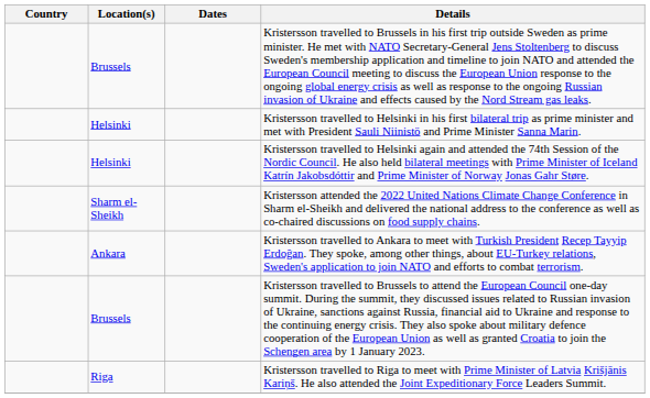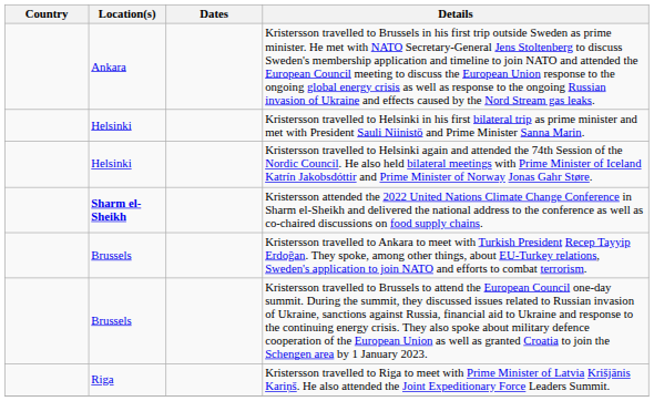 <table class="wikitable sortable" border="1">
 <tr>
 <th style="width: 13%;">Country</th>
 <th style="width: 12%;">Location(s)</th>
 <th style="width: 15%;">Dates</th>
 <th style="width: 60%;" class="unsortable">Details</th>
 </tr>
 <tr>
 <td></td>
-<td><a href='#'>Brussels</a></td>
+<td><a href='#'>Ankara</a></td>
 <td></td>
 <td>Kristersson travelled to Brussels in his first trip outside Sweden as prime minister. He met with <a href='#'>NATO</a> Secretary-General <a href='#'>Jens Stoltenberg</a> to discuss Sweden's membership application and timeline to join NATO and attended the <a href='#'>European Council</a> meeting to discuss the <a href='#'>European Union</a> response to the ongoing <a href='#'>global energy crisis</a> as well as response to the ongoing <a href='#'>Russian invasion of Ukraine</a> and effects caused by the <a href='#'>Nord Stream gas leaks</a>.</td>
 </tr>
 <tr>
 <td></td>
 <td><a href='#'>Helsinki</a></td>
 <td></td>
 <td>Kristersson travelled to Helsinki in his first <a href='#'>bilateral trip</a> as prime minister and met with President <a href='#'>Sauli Niinistö</a> and Prime Minister <a href='#'>Sanna Marin</a>.</td>
 </tr>
 <tr>
 <td></td>
 <td><a href='#'>Helsinki</a></td>
 <td></td>
 <td>Kristersson travelled to Helsinki again and attended the 74th Session of the <a href='#'>Nordic Council</a>. He also held <a href='#'>bilateral meetings</a> with <a href='#'>Prime Minister of Iceland</a> <a href='#'>Katrín Jakobsdóttir</a> and <a href='#'>Prime Minister of Norway</a> <a href='#'>Jonas Gahr Støre</a>.</td>
 </tr>
 <tr>
 <td></td>
-<td><a href='#'>Sharm el-Sheikh</a></td>
+<td><strong><a href='#'>Sharm el-Sheikh</a></strong></td>
 <td></td>
 <td>Kristersson attended the <a href='#'>2022 United Nations Climate Change Conference</a> in Sharm el-Sheikh and delivered the national address to the conference as well as co-chaired discussions on <a href='#'>food supply chains</a>.</td>
 </tr>
 <tr>
 <td></td>
-<td><a href='#'>Ankara</a></td>
+<td><a href='#'>Brussels</a></td>
 <td></td>
 <td>Kristersson travelled to Ankara to meet with <a href='#'>Turkish President</a> <a href='#'>Recep Tayyip Erdoğan</a>. They spoke, among other things, about <a href='#'>EU-Turkey relations</a>, <a href='#'>Sweden's application to join NATO</a> and efforts to combat <a href='#'>terrorism</a>.</td>
 </tr>
 <tr>
 <td></td>
 <td><a href='#'>Brussels</a></td>
 <td></td>
 <td>Kristersson travelled to Brussels to attend the <a href='#'>European Council</a> one-day summit. During the summit, they discussed issues related to Russian invasion of Ukraine, sanctions against Russia, financial aid to Ukraine and response to the continuing energy crisis. They also spoke about military defence cooperation of the <a href='#'>European Union</a> as well as granted <a href='#'>Croatia</a> to join the <a href='#'>Schengen area</a> by 1 January 2023.</td>
 </tr>
 <tr>
 <td></td>
 <td><a href='#'>Riga</a></td>
 <td></td>
 <td>Kristersson travelled to Riga to meet with <a href='#'>Prime Minister of Latvia</a> <a href='#'>Krišjānis Kariņš</a>. He also attended the <a href='#'>Joint Expeditionary Force</a> Leaders Summit.</td>
 </tr>
 <tr>
 </tr>
 </table>
